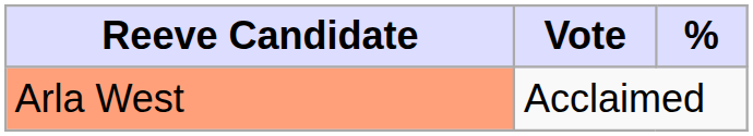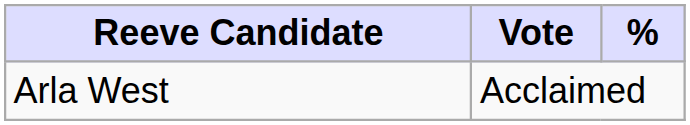 <table class="wikitable">
 <tr>
 <th style="background:#ddf; width:200px;">Reeve Candidate</th>
 <th style="background:#ddf; width:50px;">Vote</th>
 <th style="background:#ddf; width:30px;">%</th>
 </tr>
 <tr>
-<td style="background: lightsalmon;">Arla West</td>
+<td>Arla West</td>
 <td colspan="2">Acclaimed</td>
 </tr>
 </table>
